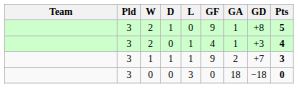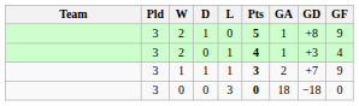 <table class="wikitable" style="text-align: center;">
 <tr>
 <th width="175">Team</th>
 <th width="30">Pld</th>
 <th width="25">W</th>
 <th width="25">D</th>
 <th width="25">L</th>
-<th width="30">GF</th>
+<th width="30">Pts</th>
 <th width="30">GA</th>
 <th width="30">GD</th>
-<th width="30">Pts</th>
+<th width="30">GF</th>
 </tr>
 <tr bgcolor="#ccffcc">
 <td align=left></td>
 <td>3</td>
 <td>2</td>
 <td>1</td>
 <td>0</td>
-<td>9</td>
+<td><strong>5</strong></td>
 <td>1</td>
 <td>+8</td>
-<td><strong>5</strong></td>
+<td>9</td>
 </tr>
 <tr bgcolor="#ccffcc">
 <td align=left></td>
 <td>3</td>
 <td>2</td>
 <td>0</td>
 <td>1</td>
-<td>4</td>
+<td><strong>4</strong></td>
 <td>1</td>
 <td>+3</td>
-<td><strong>4</strong></td>
+<td>4</td>
 </tr>
 <tr>
 <td align=left></td>
 <td>3</td>
 <td>1</td>
 <td>1</td>
 <td>1</td>
-<td>9</td>
+<td><strong>3</strong></td>
 <td>2</td>
 <td>+7</td>
-<td><strong>3</strong></td>
+<td>9</td>
 </tr>
 <tr>
 <td align=left></td>
 <td>3</td>
 <td>0</td>
 <td>0</td>
 <td>3</td>
-<td>0</td>
+<td><strong>0</strong></td>
 <td>18</td>
 <td>−18</td>
-<td><strong>0</strong></td>
+<td>0</td>
 </tr>
 </table>
